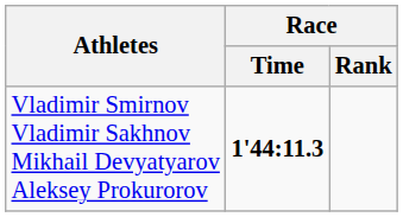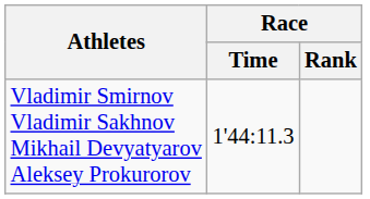 <table class="wikitable" border="1" style="font-size:90%">
 <tr>
 <th rowspan=2>Athletes</th>
 <th colspan=2>Race</th>
 </tr>
 <tr>
 <th>Time</th>
 <th>Rank</th>
 </tr>
 <tr>
 <td><a href='#'>Vladimir Smirnov</a><br><a href='#'>Vladimir Sakhnov</a><br><a href='#'>Mikhail Devyatyarov</a><br><a href='#'>Aleksey Prokurorov</a></td>
-<td align=center><strong>1'44:11.3</strong></td>
+<td align=center>1'44:11.3</td>
 <td align=center></td>
 </tr>
 </table>
